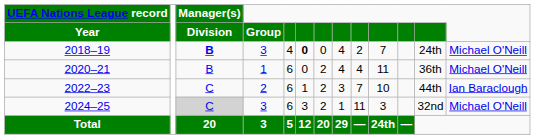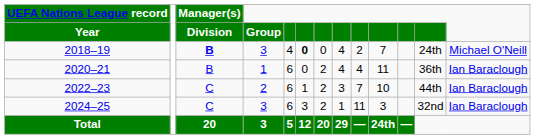 <table class="wikitable" style="text-align:center;">
 <tr>
 <th style="background-color:#008000; color:white; "><a href='#'>UEFA Nations League</a> record</th>
 <th style="background:white" rowspan="7"></th>
 <th style="background-color:#008000; color:white; ">Manager(s)</th>
 </tr>
 <tr>
 <th style="background-color:#008000; color:white; ">Year</th>
 <th style="background-color:#008000; color:white; ">Division</th>
 <th style="background-color:#008000; color:white; ">Group</th>
 <th style="background-color:#008000; color:white; "></th>
 <th style="background-color:#008000; color:white; "></th>
 <th style="background-color:#008000; color:white; "></th>
 <th style="background-color:#008000; color:white; "></th>
 <th style="background-color:#008000; color:white; "></th>
 <th style="background-color:#008000; color:white; "></th>
 <th style="background-color:#008000; color:white; "></th>
 <th style="background-color:#008000; color:white; "></th>
 </tr>
 <tr>
 <td> <a href='#'>2018–19</a></td>
 <td><strong><a href='#'>B</a></strong></td>
 <td><a href='#'>3</a></td>
 <td>4</td>
 <td><strong>0</strong></td>
 <td>0</td>
 <td>4</td>
 <td>2</td>
 <td>7</td>
 <td></td>
 <td>24th</td>
 <td><a href='#'>Michael O'Neill</a></td>
 </tr>
 <tr>
 <td> <a href='#'>2020–21</a></td>
 <td><a href='#'>B</a></td>
 <td><a href='#'>1</a></td>
 <td>6</td>
 <td>0</td>
 <td>2</td>
 <td>4</td>
 <td>4</td>
 <td>11</td>
 <td></td>
 <td>36th</td>
-<td><a href='#'>Michael O'Neill</a></td>
+<td><a href='#'>Ian Baraclough</a></td>
 </tr>
 <tr>
 <td> <a href='#'>2022–23</a></td>
 <td><a href='#'>C</a></td>
 <td><a href='#'>2</a></td>
 <td>6</td>
 <td>1</td>
 <td>2</td>
 <td>3</td>
 <td>7</td>
 <td>10</td>
 <td></td>
 <td>44th</td>
 <td><a href='#'>Ian Baraclough</a></td>
 </tr>
 <tr>
 <td> <a href='#'>2024–25</a></td>
-<td style="background: lightgrey;"><a href='#'>C</a></td>
+<td><a href='#'>C</a></td>
 <td><a href='#'>3</a></td>
 <td>6</td>
 <td>3</td>
 <td>2</td>
 <td>1</td>
 <td>11</td>
 <td>3</td>
 <td></td>
 <td>32nd</td>
-<td><a href='#'>Michael O'Neill</a></td>
+<td><a href='#'>Ian Baraclough</a></td>
 </tr>
 <tr>
 <th style="background-color:#008000; color:white; "><strong>Total</strong></th>
 <th style="background-color:#008000; color:white; "><strong>20</strong></th>
 <th style="background-color:#008000; color:white; "><strong>3</strong></th>
 <th style="background-color:#008000; color:white; "><strong>5</strong></th>
 <th style="background-color:#008000; color:white; "><strong>12</strong></th>
 <th style="background-color:#008000; color:white; "><strong>20</strong></th>
 <th style="background-color:#008000; color:white; "><strong>29</strong></th>
 <th style="background-color:#008000; color:white; ">—</th>
 <th style="background-color:#008000; color:white; "><strong>24th</strong></th>
 <th style="background-color:#008000; color:white; ">—</th>
 </tr>
 </table>
